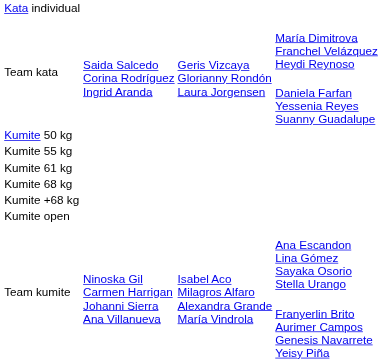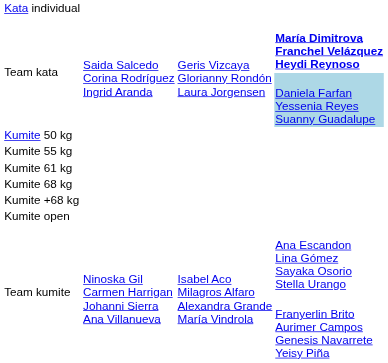 <table>
 <tr>
 <td rowspan=2><a href='#'>Kata</a> individual</td>
 <td rowspan=2></td>
 <td rowspan=2></td>
 <td></td>
 </tr>
 <tr>
 <td></td>
 </tr>
 <tr>
 <td rowspan=2>Team kata</td>
 <td rowspan=2><br><a href='#'>Saida Salcedo</a><br><a href='#'>Corina Rodríguez</a><br><a href='#'>Ingrid Aranda</a></td>
 <td rowspan=2><br><a href='#'>Geris Vizcaya</a><br><a href='#'>Glorianny Rondón</a><br><a href='#'>Laura Jorgensen</a></td>
-<td><br><a href='#'>María Dimitrova</a><br><a href='#'>Franchel Velázquez</a><br><a href='#'>Heydi Reynoso</a></td>
+<td><strong><br><a href='#'>María Dimitrova</a><br><a href='#'>Franchel Velázquez</a><br><a href='#'>Heydi Reynoso</a></strong></td>
 </tr>
 <tr>
-<td><br><a href='#'>Daniela Farfan</a><br><a href='#'>Yessenia Reyes</a><br><a href='#'>Suanny Guadalupe</a></td>
+<td style="background: lightblue;"><br><a href='#'>Daniela Farfan</a><br><a href='#'>Yessenia Reyes</a><br><a href='#'>Suanny Guadalupe</a></td>
 </tr>
 <tr>
 <td rowspan=2><a href='#'>Kumite</a> 50 kg</td>
 <td rowspan=2></td>
 <td rowspan=2></td>
 <td></td>
 </tr>
 <tr>
 <td></td>
 </tr>
 <tr>
 <td rowspan=2>Kumite 55 kg</td>
 <td rowspan=2></td>
 <td rowspan=2></td>
 <td></td>
 </tr>
 <tr>
 <td></td>
 </tr>
 <tr>
 <td rowspan=2>Kumite 61 kg</td>
 <td rowspan=2></td>
 <td rowspan=2></td>
 <td></td>
 </tr>
 <tr>
 <td></td>
 </tr>
 <tr>
 <td rowspan=2>Kumite 68 kg</td>
 <td rowspan=2></td>
 <td rowspan=2></td>
 <td></td>
 </tr>
 <tr>
 <td></td>
 </tr>
 <tr>
 <td rowspan=2>Kumite +68 kg</td>
 <td rowspan=2></td>
 <td rowspan=2></td>
 <td></td>
 </tr>
 <tr>
 <td></td>
 </tr>
 <tr>
 <td rowspan=2>Kumite open</td>
 <td rowspan=2></td>
 <td rowspan=2></td>
 <td></td>
 </tr>
 <tr>
 <td></td>
 </tr>
 <tr>
 <td rowspan=2>Team kumite</td>
 <td rowspan=2><br><a href='#'>Ninoska Gil</a><br><a href='#'>Carmen Harrigan</a><br><a href='#'>Johanni Sierra</a><br><a href='#'>Ana Villanueva</a></td>
 <td rowspan=2><br><a href='#'>Isabel Aco</a><br><a href='#'>Milagros Alfaro</a><br><a href='#'>Alexandra Grande</a><br><a href='#'>María Vindrola</a></td>
 <td><br><a href='#'>Ana Escandon</a><br><a href='#'>Lina Gómez</a><br><a href='#'>Sayaka Osorio</a><br><a href='#'>Stella Urango</a></td>
 </tr>
 <tr>
 <td><br><a href='#'>Franyerlin Brito</a><br><a href='#'>Aurimer Campos</a><br><a href='#'>Genesis Navarrete</a><br><a href='#'>Yeisy Piña</a></td>
 </tr>
 </table>
